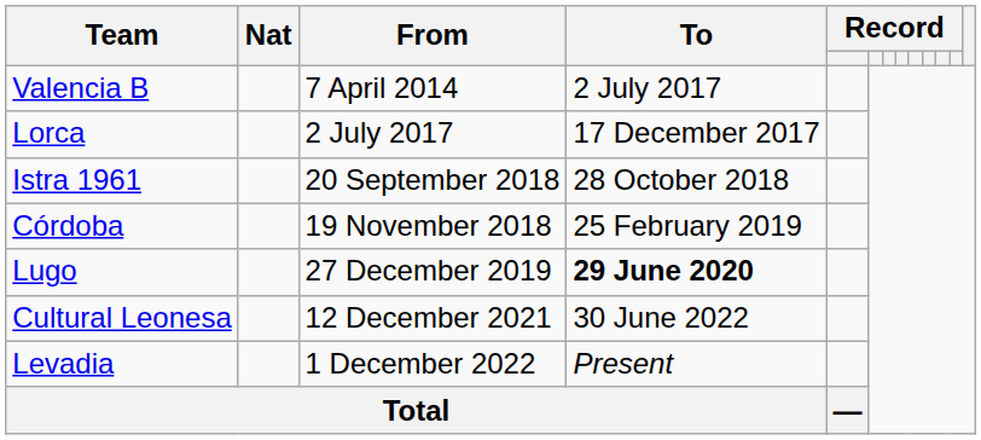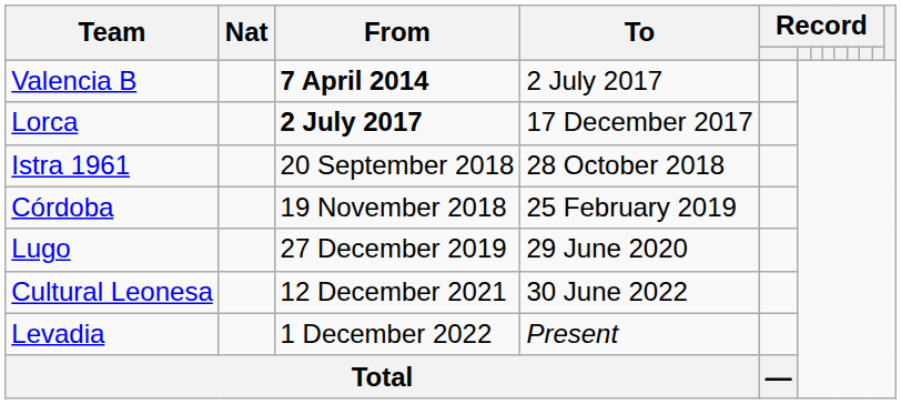 <table class="wikitable" style="text-align: center">
 <tr>
 <th rowspan="2">Team</th>
 <th rowspan="2">Nat</th>
 <th rowspan="2">From</th>
 <th rowspan="2">To</th>
 <th colspan="8">Record</th>
 <th rowspan=2></th>
 </tr>
 <tr>
 <th></th>
 <th></th>
 <th></th>
 <th></th>
 <th></th>
 <th></th>
 <th></th>
 <th></th>
 </tr>
 <tr>
 <td align=left><a href='#'>Valencia B</a></td>
 <td></td>
-<td align=left>7 April 2014</td>
+<td align=left><strong>7 April 2014</strong></td>
 <td align=left>2 July 2017<br></td>
 <td></td>
 </tr>
 <tr>
 <td align=left><a href='#'>Lorca</a></td>
 <td></td>
-<td align=left>2 July 2017</td>
+<td align=left><strong>2 July 2017</strong></td>
 <td align=left>17 December 2017<br></td>
 <td></td>
 </tr>
 <tr>
 <td align=left><a href='#'>Istra 1961</a></td>
 <td></td>
 <td align=left>20 September 2018</td>
 <td align=left>28 October 2018<br></td>
 <td></td>
 </tr>
 <tr>
 <td align=left><a href='#'>Córdoba</a></td>
 <td></td>
 <td align=left>19 November 2018</td>
 <td align=left>25 February 2019<br></td>
 <td></td>
 </tr>
 <tr>
 <td align=left><a href='#'>Lugo</a></td>
 <td></td>
 <td align=left>27 December 2019</td>
-<td align=left><strong>29 June 2020<br></strong></td>
+<td align=left>29 June 2020<br></td>
 <td></td>
 </tr>
 <tr>
 <td align=left><a href='#'>Cultural Leonesa</a></td>
 <td></td>
 <td align=left>12 December 2021</td>
 <td align=left>30 June 2022<br></td>
 <td></td>
 </tr>
 <tr>
 <td align=left><a href='#'>Levadia</a></td>
 <td></td>
 <td align=left>1 December 2022</td>
 <td align=left><em>Present</em><br></td>
 <td></td>
 </tr>
 <tr>
 <th colspan="4">Total<br></th>
 <th>—</th>
 </tr>
 </table>
